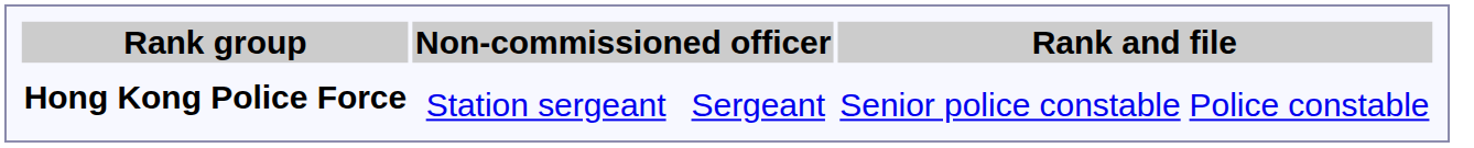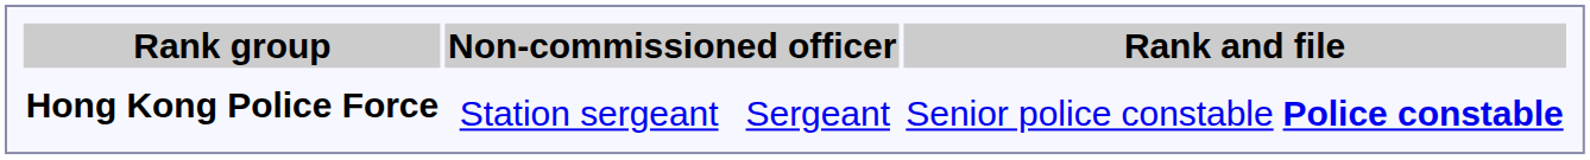 <table style="border:1px solid #8888aa; background-color:#f7f8ff; padding:5px; font-size:95%; margin: 0px 12px 12px 0px; text-align:center;">
 <tr style="background-color:#CCCCCC;">
 <th>Rank group</th>
 <th colspan=2>Non-commissioned officer</th>
 <th colspan=2>Rank and file</th>
 </tr>
 <tr>
 <td rowspan=3><strong>Hong Kong Police Force</strong></td>
 <td></td>
 <td></td>
 <td></td>
 <td></td>
 </tr>
 <tr>
 <td></td>
 <td></td>
 <td></td>
 <td></td>
 </tr>
 <tr>
 <td><a href='#'>Station sergeant</a></td>
 <td><a href='#'>Sergeant</a></td>
 <td><a href='#'>Senior police constable</a></td>
-<td><a href='#'>Police constable</a></td>
+<td><strong><a href='#'>Police constable</a></strong></td>
 </tr>
 </table>
